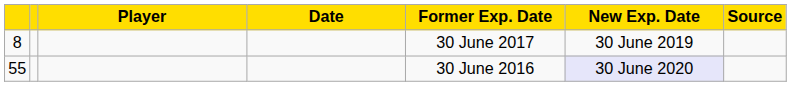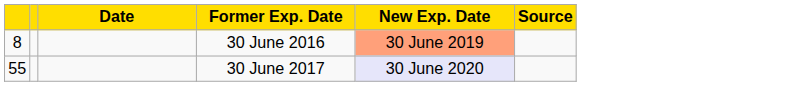 <table class="wikitable sortable">
 <tr>
 <th style="background:#FFDE00"></th>
 <th style="background:#FFDE00"></th>
-<th width=200 style="background:#FFDE00">Player</th>
 <th width=150 style="background:#FFDE00">Date</th>
 <th width=150 style="background:#FFDE00">Former Exp. Date</th>
 <th width=150 style="background:#FFDE00">New Exp. Date</th>
 <th style="background:#FFDE00">Source</th>
 </tr>
 <tr>
 <td align=center>8</td>
 <td align=center></td>
-<td></td>
 <td align=center></td>
-<td align=center>30 June 2017</td>
-<td align=center>30 June 2019</td>
+<td align=center>30 June 2016</td>
+<td align=center style="background: lightsalmon;">30 June 2019</td>
 <td align=center></td>
 </tr>
 <tr>
 <td align=center>55</td>
 <td align=center></td>
-<td></td>
 <td align=center></td>
-<td align=center>30 June 2016</td>
+<td align=center>30 June 2017</td>
 <td align=center style="background: lavender;">30 June 2020</td>
 <td align=center></td>
 </tr>
 </table>
